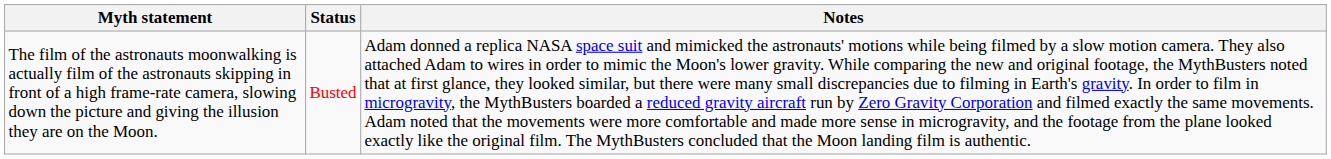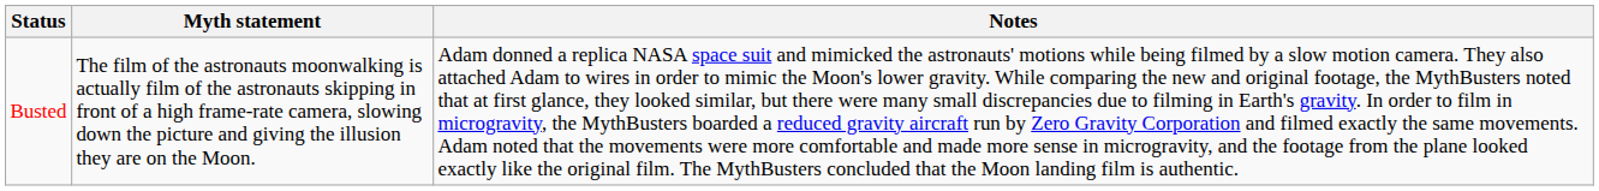 <table class="wikitable plainrowheaders">
 <tr>
+<th>Status</th>
 <th>Myth statement</th>
-<th>Status</th>
 <th>Notes</th>
 </tr>
 <tr>
+<td style="color:red">Busted</td>
 <td>The film of the astronauts moonwalking is actually film of the astronauts skipping in front of a high frame-rate camera, slowing down the picture and giving the illusion they are on the Moon.</td>
-<td style="color:red">Busted</td>
 <td>Adam donned a replica NASA <a href='#'>space suit</a> and mimicked the astronauts' motions while being filmed by a slow motion camera. They also attached Adam to wires in order to mimic the Moon's lower gravity. While comparing the new and original footage, the MythBusters noted that at first glance, they looked similar, but there were many small discrepancies due to filming in Earth's <a href='#'>gravity</a>. In order to film in <a href='#'>microgravity</a>, the MythBusters boarded a <a href='#'>reduced gravity aircraft</a> run by <a href='#'>Zero Gravity Corporation</a> and filmed exactly the same movements. Adam noted that the movements were more comfortable and made more sense in microgravity, and the footage from the plane looked exactly like the original film. The MythBusters concluded that the Moon landing film is authentic.</td>
 </tr>
 </table>
